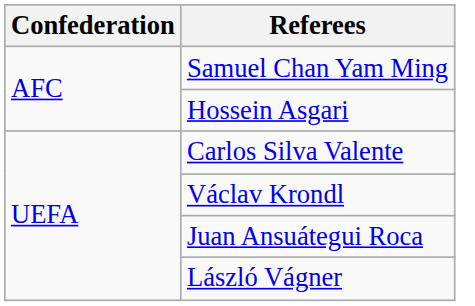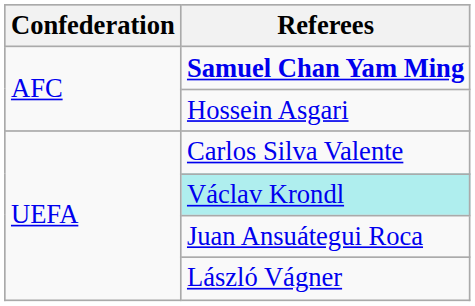 <table class="wikitable">
 <tr>
 <th>Confederation</th>
 <th>Referees</th>
 </tr>
 <tr>
 <td rowspan="2"><a href='#'>AFC</a></td>
-<td> <a href='#'>Samuel Chan Yam Ming</a></td>
+<td><strong> <a href='#'>Samuel Chan Yam Ming</a></strong></td>
 </tr>
 <tr>
 <td> <a href='#'>Hossein Asgari</a></td>
 </tr>
 <tr>
 <td rowspan="4"><a href='#'>UEFA</a></td>
 <td> <a href='#'>Carlos Silva Valente</a></td>
 </tr>
 <tr>
-<td> <a href='#'>Václav Krondl</a></td>
+<td style="background: paleturquoise;"> <a href='#'>Václav Krondl</a></td>
 </tr>
 <tr>
 <td> <a href='#'>Juan Ansuátegui Roca</a></td>
 </tr>
 <tr>
 <td> <a href='#'>László Vágner</a></td>
 </tr>
 </table>
